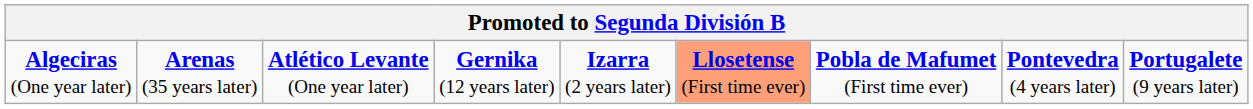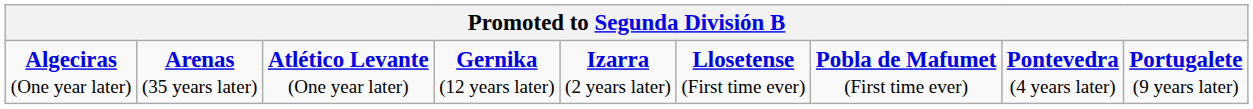 <table class="wikitable" style="text-align: center; margin: 0 auto;">
 <tr>
 <th colspan="9">Promoted to <a href='#'>Segunda División B</a></th>
 </tr>
 <tr>
 <td><strong><a href='#'>Algeciras</a></strong><br><small>(One year later)</small></td>
 <td><strong><a href='#'>Arenas</a></strong><br><small>(35 years later)</small></td>
 <td><strong><a href='#'>Atlético Levante</a></strong><br><small>(One year later)</small></td>
 <td><strong><a href='#'>Gernika</a></strong><br><small>(12 years later)</small></td>
 <td><strong><a href='#'>Izarra</a></strong><br><small>(2 years later)</small></td>
-<td style="background: lightsalmon;"><strong><a href='#'>Llosetense</a></strong><br><small>(First time ever)</small></td>
+<td><strong><a href='#'>Llosetense</a></strong><br><small>(First time ever)</small></td>
 <td><strong><a href='#'>Pobla de Mafumet</a></strong><br><small>(First time ever)</small></td>
 <td><strong><a href='#'>Pontevedra</a></strong><br><small>(4 years later)</small></td>
 <td><strong><a href='#'>Portugalete</a></strong><br><small>(9 years later)</small></td>
 </tr>
 </table>
